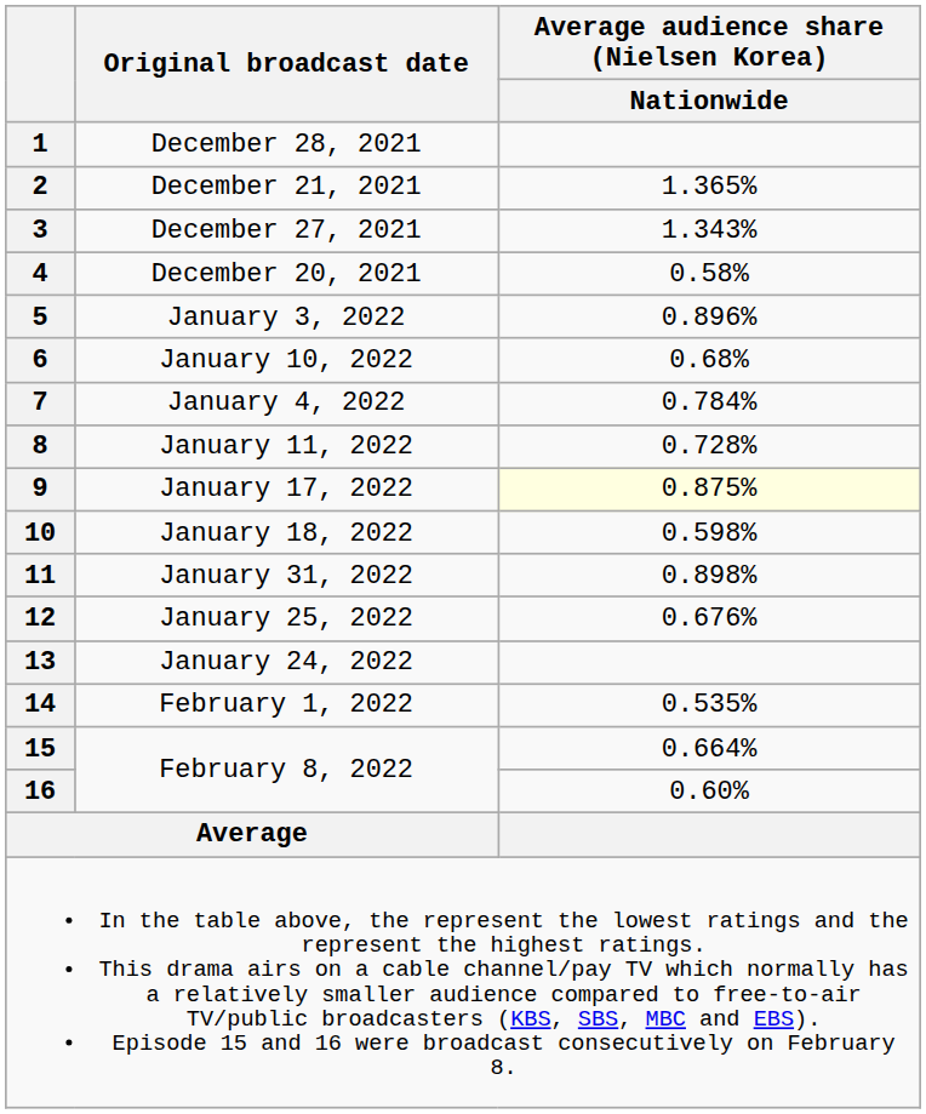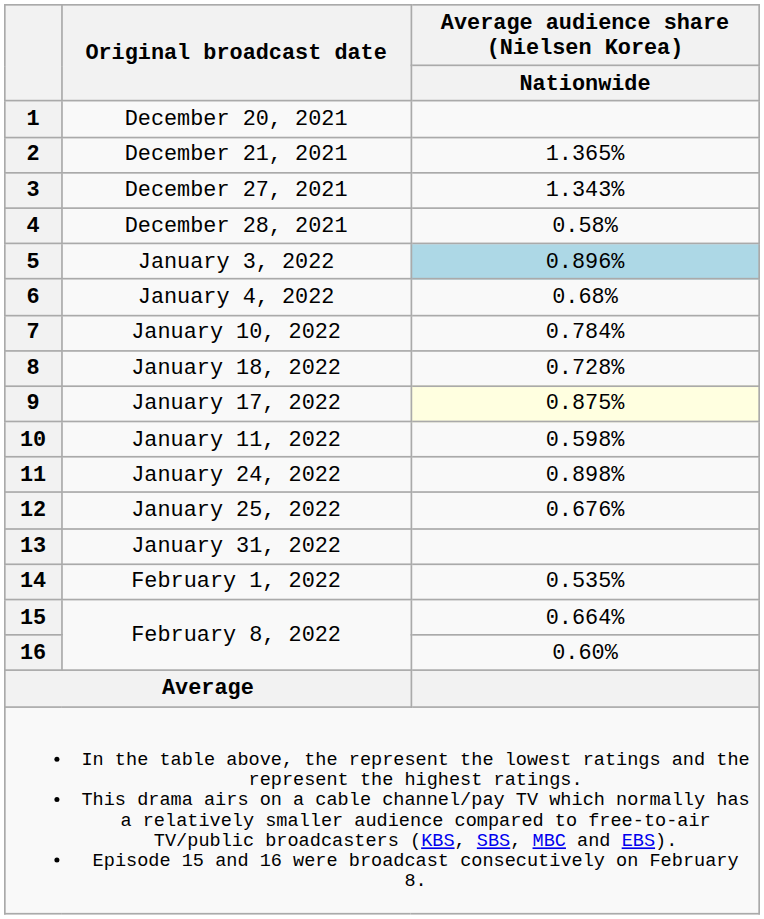 <table class="wikitable" style="text-align:center; max-width:450px">
 <tr>
 <th scope="col" rowspan="2"></th>
 <th scope="col" rowspan="2">Original broadcast date</th>
 <th scope="col">Average audience share<br>(Nielsen Korea)</th>
 </tr>
 <tr>
 <th scope="col">Nationwide</th>
 </tr>
 <tr>
 <th scope="col">1</th>
-<td>December 28, 2021</td>
+<td>December 20, 2021</td>
 <td> </td>
 </tr>
 <tr>
 <th scope="col">2</th>
 <td>December 21, 2021</td>
 <td>1.365% </td>
 </tr>
 <tr>
 <th scope="col">3</th>
 <td>December 27, 2021</td>
 <td>1.343% </td>
 </tr>
 <tr>
 <th scope="col">4</th>
-<td>December 20, 2021</td>
+<td>December 28, 2021</td>
 <td>0.58% </td>
 </tr>
 <tr>
 <th scope="col">5</th>
 <td>January 3, 2022</td>
-<td>0.896% </td>
+<td style="background: lightblue;">0.896% </td>
 </tr>
 <tr>
 <th scope="col">6</th>
-<td>January 10, 2022</td>
+<td>January 4, 2022</td>
 <td>0.68% </td>
 </tr>
 <tr>
 <th scope="col">7</th>
-<td>January 4, 2022</td>
+<td>January 10, 2022</td>
 <td>0.784% </td>
 </tr>
 <tr>
 <th scope="col">8</th>
-<td>January 11, 2022</td>
+<td>January 18, 2022</td>
 <td>0.728% </td>
 </tr>
 <tr>
 <th scope="col">9</th>
 <td>January 17, 2022</td>
 <td style="background: lightyellow;">0.875% </td>
 </tr>
 <tr>
 <th scope="col">10</th>
-<td>January 18, 2022</td>
+<td>January 11, 2022</td>
 <td>0.598% </td>
 </tr>
 <tr>
 <th scope="col">11</th>
-<td>January 31, 2022</td>
+<td>January 24, 2022</td>
 <td>0.898% </td>
 </tr>
 <tr>
 <th scope="col">12</th>
 <td>January 25, 2022</td>
 <td>0.676% </td>
 </tr>
 <tr>
 <th scope="col">13</th>
-<td>January 24, 2022</td>
+<td>January 31, 2022</td>
 <td> </td>
 </tr>
 <tr>
 <th scope="col">14</th>
 <td>February 1, 2022</td>
 <td>0.535% </td>
 </tr>
 <tr>
 <th scope="col">15</th>
 <td rowspan="2">February 8, 2022</td>
 <td>0.664% </td>
 </tr>
 <tr>
 <th scope="col">16</th>
 <td>0.60% </td>
 </tr>
 <tr>
 <th scope="col" colspan="2">Average</th>
 <th scope="col"></th>
 </tr>
 <tr>
 <td colspan="3" style="font-size:85%"><br><ul><li>In the table above, the  represent the lowest ratings and the  represent the highest ratings.</li><li>This drama airs on a cable channel/pay TV which normally has a relatively smaller audience compared to free-to-air TV/public broadcasters (<a href='#'>KBS</a>, <a href='#'>SBS</a>, <a href='#'>MBC</a> and <a href='#'>EBS</a>).</li><li> Episode 15 and 16 were broadcast consecutively on February 8.</li></ul></td>
 </tr>
 </table>
